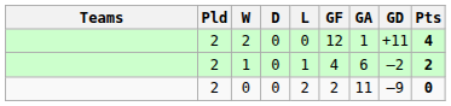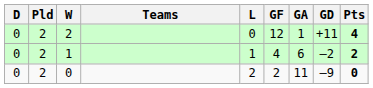 <table class="wikitable" style="text-align: center;">
 <tr>
-<th width=165>Teams</th>
+<th width=20>D</th>
 <th width=20>Pld</th>
 <th width=20>W</th>
-<th width=20>D</th>
+<th width=165>Teams</th>
 <th width=20>L</th>
 <th width=20>GF</th>
 <th width=20>GA</th>
 <th width=20>GD</th>
 <th width=20>Pts</th>
 </tr>
 <tr align=center style="background:#ccffcc;">
-<td style="text-align:left;"></td>
+<td>0</td>
 <td>2</td>
 <td>2</td>
-<td>0</td>
+<td style="text-align:left;"></td>
 <td>0</td>
 <td>12</td>
 <td>1</td>
 <td>+11</td>
 <td><strong>4</strong></td>
 </tr>
 <tr align=center style="background:#ccffcc;">
-<td style="text-align:left;"></td>
+<td>0</td>
 <td>2</td>
 <td>1</td>
-<td>0</td>
+<td style="text-align:left;"></td>
 <td>1</td>
 <td>4</td>
 <td>6</td>
 <td>–2</td>
 <td><strong>2</strong></td>
 </tr>
 <tr align=center>
-<td style="text-align:left;"></td>
+<td>0</td>
 <td>2</td>
 <td>0</td>
-<td>0</td>
+<td style="text-align:left;"></td>
 <td>2</td>
 <td>2</td>
 <td>11</td>
 <td>–9</td>
 <td><strong>0</strong></td>
 </tr>
 </table>
